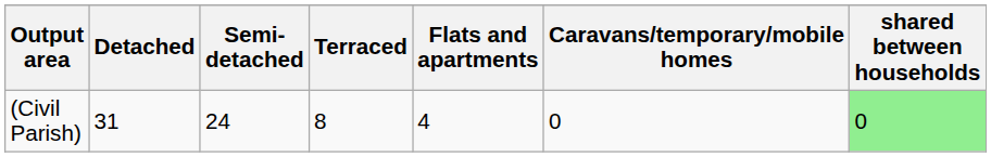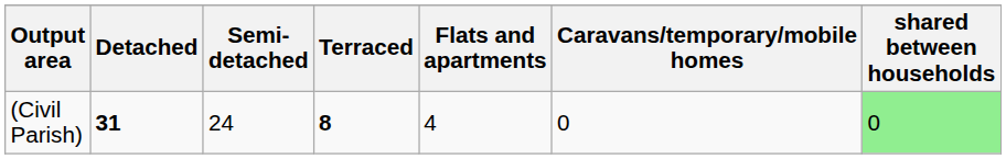 <table class="wikitable">
 <tr>
 </tr>
 <tr>
 <th>Output area</th>
 <th>Detached</th>
 <th>Semi-detached</th>
 <th>Terraced</th>
 <th>Flats and apartments</th>
 <th>Caravans/temporary/mobile homes</th>
 <th>shared between households</th>
 </tr>
 <tr>
 <td>(Civil Parish)</td>
-<td>31</td>
+<td><strong>31</strong></td>
 <td>24</td>
-<td>8</td>
+<td><strong>8</strong></td>
 <td>4</td>
 <td>0</td>
 <td style="background: lightgreen;">0</td>
 </tr>
 </table>
